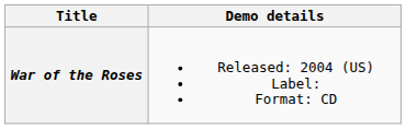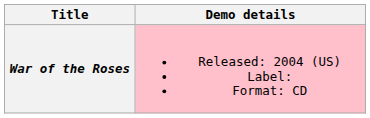 <table class="wikitable plainrowheaders" style="text-align:center;">
 <tr>
 <th scope="col" style="width:10em;">Title</th>
 <th scope="col" style="width:18em;">Demo details</th>
 </tr>
 <tr>
 <th scope="row"><em>War of the Roses</em></th>
-<td><br><ul><li>Released: 2004 <span>(US)</span></li><li>Label:</li><li>Format: CD</li></ul></td>
+<td style="background: pink;"><br><ul><li>Released: 2004 <span>(US)</span></li><li>Label:</li><li>Format: CD</li></ul></td>
 </tr>
 </table>
